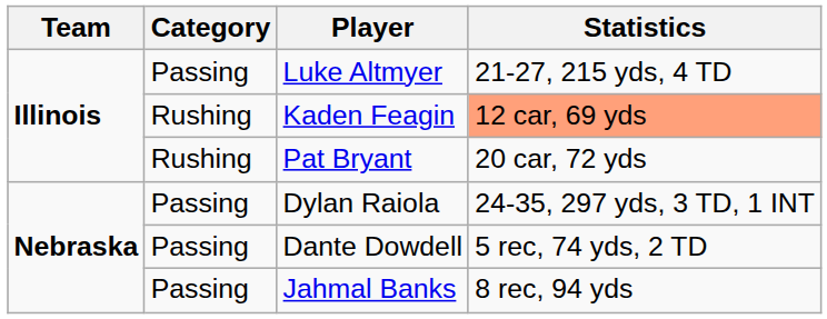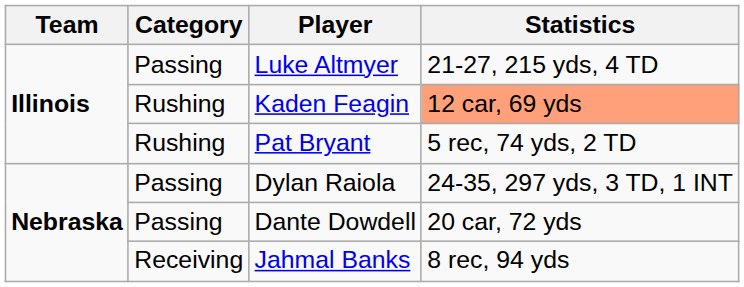 <table class="wikitable" style="float: right;">
 <tr>
 <th>Team</th>
 <th>Category</th>
 <th>Player</th>
 <th>Statistics</th>
 </tr>
 <tr>
 <td rowspan=3><strong>Illinois</strong></td>
 <td>Passing</td>
 <td><a href='#'>Luke Altmyer</a></td>
 <td>21-27, 215 yds, 4 TD</td>
 </tr>
 <tr>
 <td>Rushing</td>
 <td><a href='#'>Kaden Feagin</a></td>
 <td style="background: lightsalmon;">12 car, 69 yds</td>
 </tr>
 <tr>
 <td>Rushing</td>
 <td><a href='#'>Pat Bryant</a></td>
-<td>20 car, 72 yds</td>
+<td>5 rec, 74 yds, 2 TD</td>
 </tr>
 <tr>
 <td rowspan=3><strong>Nebraska</strong></td>
 <td>Passing</td>
 <td>Dylan Raiola</td>
 <td>24-35, 297 yds, 3 TD, 1 INT</td>
 </tr>
 <tr>
 <td>Passing</td>
 <td>Dante Dowdell</td>
-<td>5 rec, 74 yds, 2 TD</td>
+<td>20 car, 72 yds</td>
 </tr>
 <tr>
-<td>Passing</td>
+<td>Receiving</td>
 <td><a href='#'>Jahmal Banks</a></td>
 <td>8 rec, 94 yds</td>
 </tr>
 </table>
